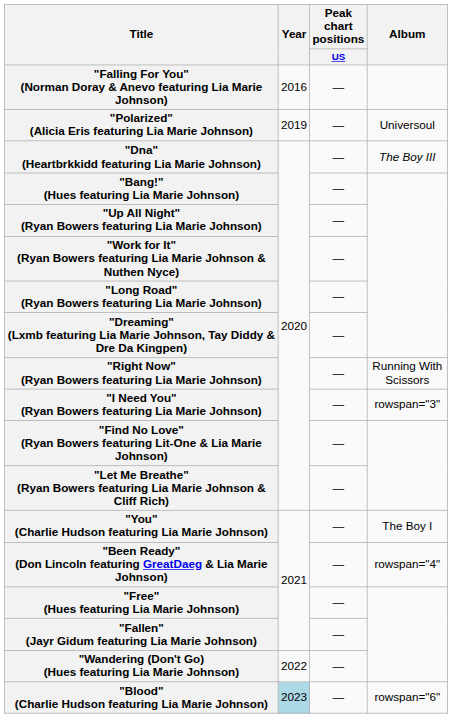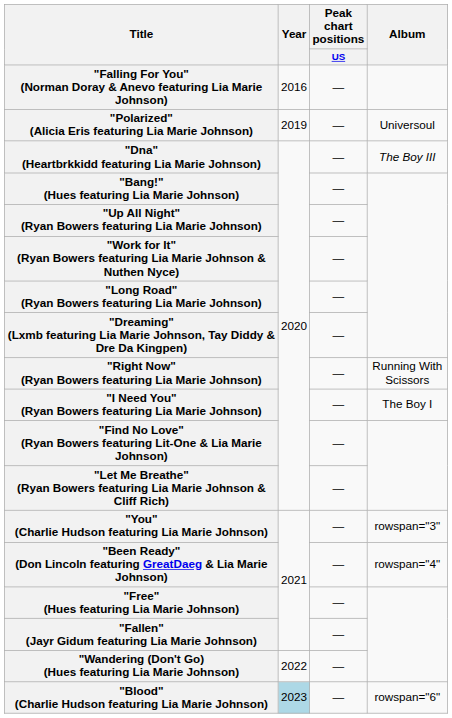 <table class="wikitable plainrowheaders" style="text-align:center;">
 <tr>
 <th scope="col" rowspan="2" style="width:23em;">Title</th>
 <th rowspan="2">Year</th>
 <th colspan="1">Peak chart positions</th>
 <th rowspan="2">Album</th>
 </tr>
 <tr style="font-size:smaller;">
 <th scope="col" style="width:3em;"><a href='#'>US</a></th>
 </tr>
 <tr>
 <th scope="row">"Falling For You"<br><span>(Norman Doray & Anevo featuring Lia Marie Johnson)</span></th>
 <td>2016</td>
 <td>—</td>
 <td></td>
 </tr>
 <tr>
 <th scope="row">"Polarized"<br><span>(Alicia Eris featuring Lia Marie Johnson)</span></th>
 <td>2019</td>
 <td>—</td>
 <td>Universoul</td>
 </tr>
 <tr>
 <th scope="row">"Dna"<br><span>(Heartbrkkidd featuring Lia Marie Johnson)</span></th>
 <td rowspan="10">2020</td>
 <td>—</td>
 <td><em>The Boy III</em></td>
 </tr>
 <tr>
 <th scope="row">"Bang!"<br><span>(Hues featuring Lia Marie Johnson)</span></th>
 <td>—</td>
 </tr>
 <tr>
 <th scope="row">"Up All Night"<br><span>(Ryan Bowers featuring Lia Marie Johnson)</span></th>
 <td>—</td>
 </tr>
 <tr>
 <th scope="row">"Work for It"<br><span>(Ryan Bowers featuring Lia Marie Johnson & Nuthen Nyce)</span></th>
 <td>—</td>
 </tr>
 <tr>
 <th scope="row">"Long Road"<br><span>(Ryan Bowers featuring Lia Marie Johnson)</span></th>
 <td>—</td>
 </tr>
 <tr>
 <th scope="row">"Dreaming"<br><span>(Lxmb featuring Lia Marie Johnson, Tay Diddy & Dre Da Kingpen)</span></th>
 <td>—</td>
 </tr>
 <tr>
 <th scope="row">"Right Now"<br><span>(Ryan Bowers featuring Lia Marie Johnson)</span></th>
 <td>—</td>
 <td>Running With Scissors</td>
 </tr>
 <tr>
 <th scope="row">"I Need You"<br><span>(Ryan Bowers featuring Lia Marie Johnson)</span></th>
 <td>—</td>
-<td>rowspan="3" </td>
+<td>The Boy I</td>
 </tr>
 <tr>
 <th scope="row">"Find No Love"<br><span>(Ryan Bowers featuring Lit-One & Lia Marie Johnson)</span></th>
 <td>—</td>
 </tr>
 <tr>
 <th scope="row">"Let Me Breathe"<br><span>(Ryan Bowers featuring Lia Marie Johnson & Cliff Rich)</span></th>
 <td>—</td>
 </tr>
 <tr>
 <th scope="row">"You"<br><span>(Charlie Hudson featuring Lia Marie Johnson)</span></th>
 <td rowspan="4">2021</td>
 <td>—</td>
-<td>The Boy I</td>
+<td>rowspan="3" </td>
 </tr>
 <tr>
 <th scope="row">"Been Ready"<br><span>(Don Lincoln featuring <a href='#'>GreatDaeg</a> & Lia Marie Johnson)</span></th>
 <td>—</td>
 <td>rowspan="4" </td>
 </tr>
 <tr>
 <th scope="row">"Free"<br><span>(Hues featuring Lia Marie Johnson)</span></th>
 <td>—</td>
 </tr>
 <tr>
 <th scope="row">"Fallen"<br><span>(Jayr Gidum featuring Lia Marie Johnson)</span></th>
 <td>—</td>
 </tr>
 <tr>
 <th scope="row">"Wandering (Don't Go)<br><span>(Hues featuring Lia Marie Johnson)</span></th>
 <td>2022</td>
 <td>—</td>
 </tr>
 <tr>
 <th scope="row">"Blood"<br><span>(Charlie Hudson featuring Lia Marie Johnson)</span></th>
 <td style="background: lightblue;">2023</td>
 <td>—</td>
 <td>rowspan="6" </td>
 </tr>
 </table>
